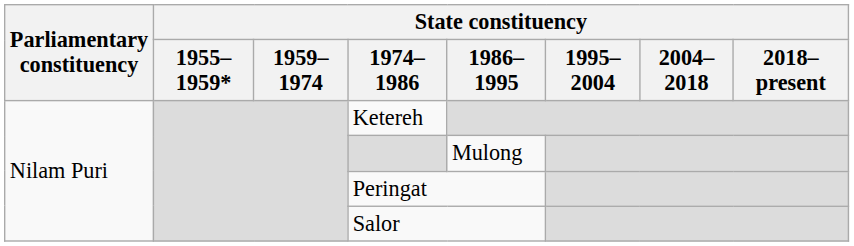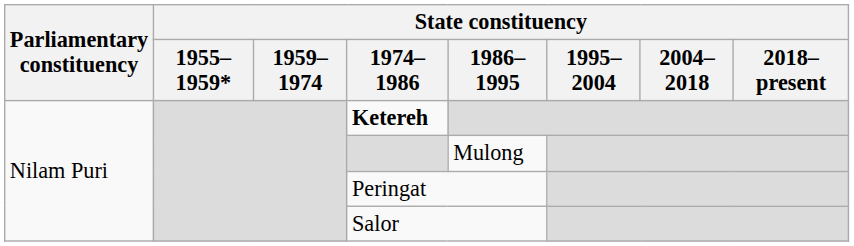 <table class="wikitable">
 <tr>
 <th rowspan="2">Parliamentary<br>constituency</th>
 <th colspan="7">State constituency</th>
 </tr>
 <tr>
 <th>1955–1959*</th>
 <th>1959–1974</th>
 <th>1974–1986</th>
 <th>1986–1995</th>
 <th>1995–2004</th>
 <th>2004–2018</th>
 <th>2018–present</th>
 </tr>
 <tr>
 <td rowspan="4">Nilam Puri</td>
 <td colspan="2" rowspan="4" bgcolor="dcdcdc"></td>
-<td>Ketereh</td>
+<td><strong>Ketereh</strong></td>
 <td colspan="4" bgcolor="dcdcdc"></td>
 </tr>
 <tr>
 <td bgcolor="dcdcdc"></td>
 <td>Mulong</td>
 <td colspan="3" bgcolor="dcdcdc"></td>
 </tr>
 <tr>
 <td colspan="2">Peringat</td>
 <td colspan="3" bgcolor="dcdcdc"></td>
 </tr>
 <tr>
 <td colspan="2">Salor</td>
 <td colspan="3" bgcolor="dcdcdc"></td>
 </tr>
 </table>
